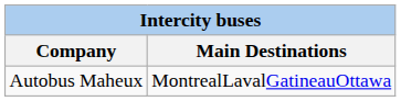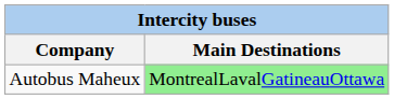 <table class="wikitable">
 <tr>
 <th style="background: #abcdef;" colspan="2">Intercity buses</th>
 </tr>
 <tr>
 <th>Company</th>
 <th>Main Destinations</th>
 </tr>
 <tr>
 <td>Autobus Maheux</td>
-<td>MontrealLaval<a href='#'>Gatineau</a><a href='#'>Ottawa</a></td>
+<td style="background: lightgreen;">MontrealLaval<a href='#'>Gatineau</a><a href='#'>Ottawa</a></td>
 </tr>
 </table>
